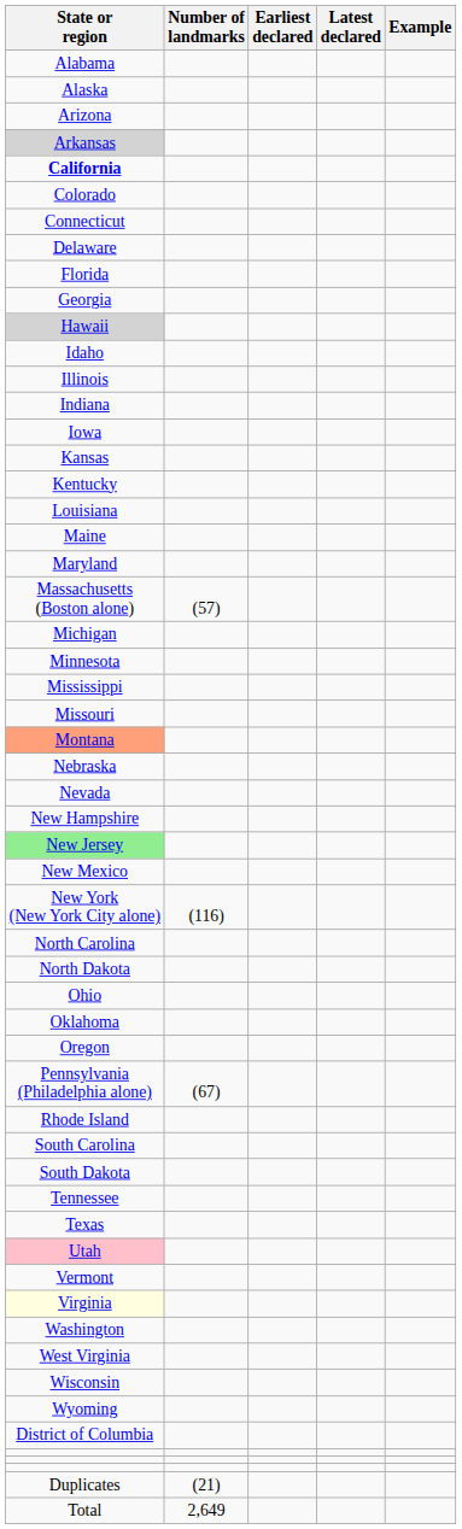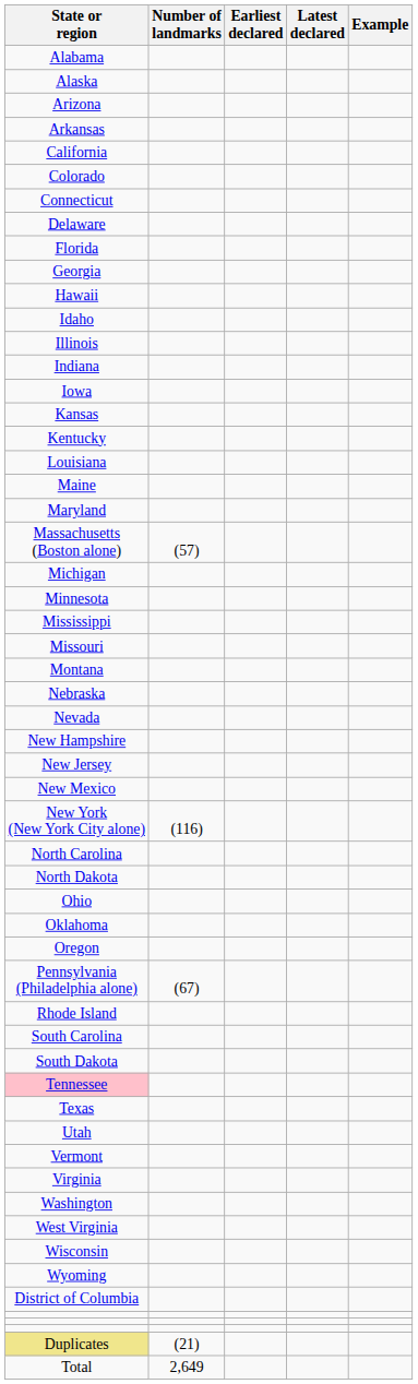 <table class="wikitable sortable" align="center">
 <tr>
 <th>State or<br>region</th>
 <th>Number of<br>landmarks</th>
 <th>Earliest<br>declared</th>
 <th>Latest<br>declared</th>
 <th>Example</th>
 </tr>
 <tr align="center">
 <td><a href='#'>Alabama</a></td>
 <td></td>
 <td></td>
 <td></td>
 <td></td>
 </tr>
 <tr align="center">
 <td><a href='#'>Alaska</a></td>
 <td></td>
 <td></td>
 <td></td>
 <td></td>
 </tr>
 <tr align="center">
 <td><a href='#'>Arizona</a></td>
 <td></td>
 <td></td>
 <td></td>
 <td></td>
 </tr>
 <tr align="center">
-<td style="background: lightgrey;"><a href='#'>Arkansas</a></td>
+<td><a href='#'>Arkansas</a></td>
 <td></td>
 <td></td>
 <td></td>
 <td></td>
 </tr>
 <tr align="center">
-<td><strong><a href='#'>California</a></strong></td>
+<td><a href='#'>California</a></td>
 <td></td>
 <td></td>
 <td></td>
 <td></td>
 </tr>
 <tr align="center">
 <td><a href='#'>Colorado</a></td>
 <td></td>
 <td></td>
 <td></td>
 <td></td>
 </tr>
 <tr align="center">
 <td><a href='#'>Connecticut</a></td>
 <td></td>
 <td></td>
 <td></td>
 <td></td>
 </tr>
 <tr align="center">
 <td><a href='#'>Delaware</a></td>
 <td></td>
 <td></td>
 <td></td>
 <td></td>
 </tr>
 <tr align="center">
 <td><a href='#'>Florida</a></td>
 <td></td>
 <td></td>
 <td></td>
 <td></td>
 </tr>
 <tr align="center">
 <td><a href='#'>Georgia</a></td>
 <td></td>
 <td></td>
 <td></td>
 <td></td>
 </tr>
 <tr align="center">
-<td style="background: lightgrey;"><a href='#'>Hawaii</a></td>
+<td><a href='#'>Hawaii</a></td>
 <td></td>
 <td></td>
 <td></td>
 <td></td>
 </tr>
 <tr align="center">
 <td><a href='#'>Idaho</a></td>
 <td></td>
 <td></td>
 <td></td>
 <td></td>
 </tr>
 <tr align="center">
 <td><a href='#'>Illinois</a></td>
 <td></td>
 <td></td>
 <td></td>
 <td></td>
 </tr>
 <tr align="center">
 <td><a href='#'>Indiana</a></td>
 <td></td>
 <td></td>
 <td></td>
 <td></td>
 </tr>
 <tr align="center">
 <td><a href='#'>Iowa</a></td>
 <td></td>
 <td></td>
 <td></td>
 <td></td>
 </tr>
 <tr align="center">
 <td><a href='#'>Kansas</a></td>
 <td></td>
 <td></td>
 <td></td>
 <td></td>
 </tr>
 <tr align="center">
 <td><a href='#'>Kentucky</a></td>
 <td></td>
 <td></td>
 <td></td>
 <td></td>
 </tr>
 <tr align="center">
 <td><a href='#'>Louisiana</a></td>
 <td></td>
 <td></td>
 <td></td>
 <td></td>
 </tr>
 <tr align="center">
 <td><a href='#'>Maine</a></td>
 <td></td>
 <td></td>
 <td></td>
 <td></td>
 </tr>
 <tr align="center">
 <td><a href='#'>Maryland</a></td>
 <td></td>
 <td></td>
 <td></td>
 <td></td>
 </tr>
 <tr align="center">
 <td><a href='#'>Massachusetts</a><br>(<a href='#'>Boston alone</a>)</td>
 <td><br>(57)</td>
 <td></td>
 <td></td>
 <td></td>
 </tr>
 <tr align="center">
 <td><a href='#'>Michigan</a></td>
 <td></td>
 <td></td>
 <td></td>
 <td></td>
 </tr>
 <tr align="center">
 <td><a href='#'>Minnesota</a></td>
 <td></td>
 <td></td>
 <td></td>
 <td></td>
 </tr>
 <tr align="center">
 <td><a href='#'>Mississippi</a></td>
 <td></td>
 <td></td>
 <td></td>
 <td></td>
 </tr>
 <tr align="center">
 <td><a href='#'>Missouri</a></td>
 <td></td>
 <td></td>
 <td></td>
 <td></td>
 </tr>
 <tr align="center">
-<td style="background: lightsalmon;"><a href='#'>Montana</a></td>
+<td><a href='#'>Montana</a></td>
 <td></td>
 <td></td>
 <td></td>
 <td></td>
 </tr>
 <tr align="center">
 <td><a href='#'>Nebraska</a></td>
 <td></td>
 <td></td>
 <td></td>
 <td></td>
 </tr>
 <tr align="center">
 <td><a href='#'>Nevada</a></td>
 <td></td>
 <td></td>
 <td></td>
 <td></td>
 </tr>
 <tr align="center">
 <td><a href='#'>New Hampshire</a></td>
 <td></td>
 <td></td>
 <td></td>
 <td></td>
 </tr>
 <tr align="center">
-<td style="background: lightgreen;"><a href='#'>New Jersey</a></td>
+<td><a href='#'>New Jersey</a></td>
 <td></td>
 <td></td>
 <td></td>
 <td></td>
 </tr>
 <tr align="center">
 <td><a href='#'>New Mexico</a></td>
 <td></td>
 <td></td>
 <td></td>
 <td></td>
 </tr>
 <tr align="center">
 <td><a href='#'>New York</a><br><a href='#'>(New York City alone)</a></td>
 <td><br>(116)</td>
 <td></td>
 <td></td>
 <td></td>
 </tr>
 <tr align="center">
 <td><a href='#'>North Carolina</a></td>
 <td></td>
 <td></td>
 <td></td>
 <td></td>
 </tr>
 <tr align="center">
 <td><a href='#'>North Dakota</a></td>
 <td></td>
 <td></td>
 <td></td>
 <td></td>
 </tr>
 <tr align="center">
 <td><a href='#'>Ohio</a></td>
 <td></td>
 <td></td>
 <td></td>
 <td></td>
 </tr>
 <tr align="center">
 <td><a href='#'>Oklahoma</a></td>
 <td></td>
 <td></td>
 <td></td>
 <td></td>
 </tr>
 <tr align="center">
 <td><a href='#'>Oregon</a></td>
 <td></td>
 <td></td>
 <td></td>
 <td></td>
 </tr>
 <tr align="center">
 <td><a href='#'>Pennsylvania</a><br><a href='#'>(Philadelphia alone)</a></td>
 <td><br>(67)</td>
 <td></td>
 <td></td>
 <td></td>
 </tr>
 <tr align="center">
 <td><a href='#'>Rhode Island</a></td>
 <td></td>
 <td></td>
 <td></td>
 <td></td>
 </tr>
 <tr align="center">
 <td><a href='#'>South Carolina</a></td>
 <td></td>
 <td></td>
 <td></td>
 <td></td>
 </tr>
 <tr align="center">
 <td><a href='#'>South Dakota</a></td>
 <td></td>
 <td></td>
 <td></td>
 <td></td>
 </tr>
 <tr align="center">
-<td><a href='#'>Tennessee</a></td>
+<td style="background: pink;"><a href='#'>Tennessee</a></td>
 <td></td>
 <td></td>
 <td></td>
 <td></td>
 </tr>
 <tr align="center">
 <td><a href='#'>Texas</a></td>
 <td></td>
 <td></td>
 <td></td>
 <td></td>
 </tr>
 <tr align="center">
-<td style="background: pink;"><a href='#'>Utah</a></td>
+<td><a href='#'>Utah</a></td>
 <td></td>
 <td></td>
 <td></td>
 <td></td>
 </tr>
 <tr align="center">
 <td><a href='#'>Vermont</a></td>
 <td></td>
 <td></td>
 <td></td>
 <td></td>
 </tr>
 <tr align="center">
-<td style="background: lightyellow;"><a href='#'>Virginia</a></td>
+<td><a href='#'>Virginia</a></td>
 <td></td>
 <td></td>
 <td></td>
 <td></td>
 </tr>
 <tr align="center">
 <td><a href='#'>Washington</a></td>
 <td></td>
 <td></td>
 <td></td>
 <td></td>
 </tr>
 <tr align="center">
 <td><a href='#'>West Virginia</a></td>
 <td></td>
 <td></td>
 <td></td>
 <td></td>
 </tr>
 <tr align="center">
 <td><a href='#'>Wisconsin</a></td>
 <td></td>
 <td></td>
 <td></td>
 <td></td>
 </tr>
 <tr align="center">
 <td><a href='#'>Wyoming</a></td>
 <td></td>
 <td></td>
 <td></td>
 <td></td>
 </tr>
 <tr align="center">
 <td><a href='#'>District of Columbia</a></td>
 <td></td>
 <td></td>
 <td></td>
 <td></td>
 </tr>
 <tr align="center">
 <td></td>
 <td></td>
 <td></td>
 <td></td>
 <td></td>
 </tr>
 <tr align="center">
 <td></td>
 <td></td>
 <td></td>
 <td></td>
 <td></td>
 </tr>
 <tr align="center">
 <td></td>
 <td></td>
 <td></td>
 <td></td>
 <td></td>
 </tr>
 <tr align="center" class="sortbottom">
-<td>Duplicates</td>
+<td style="background: khaki;">Duplicates</td>
 <td>(21)</td>
 <td></td>
 <td></td>
 <td></td>
 </tr>
 <tr align="center" class="sortbottom">
 <td>Total</td>
 <td>2,649</td>
 <td></td>
 <td></td>
 <td></td>
 </tr>
 </table>
